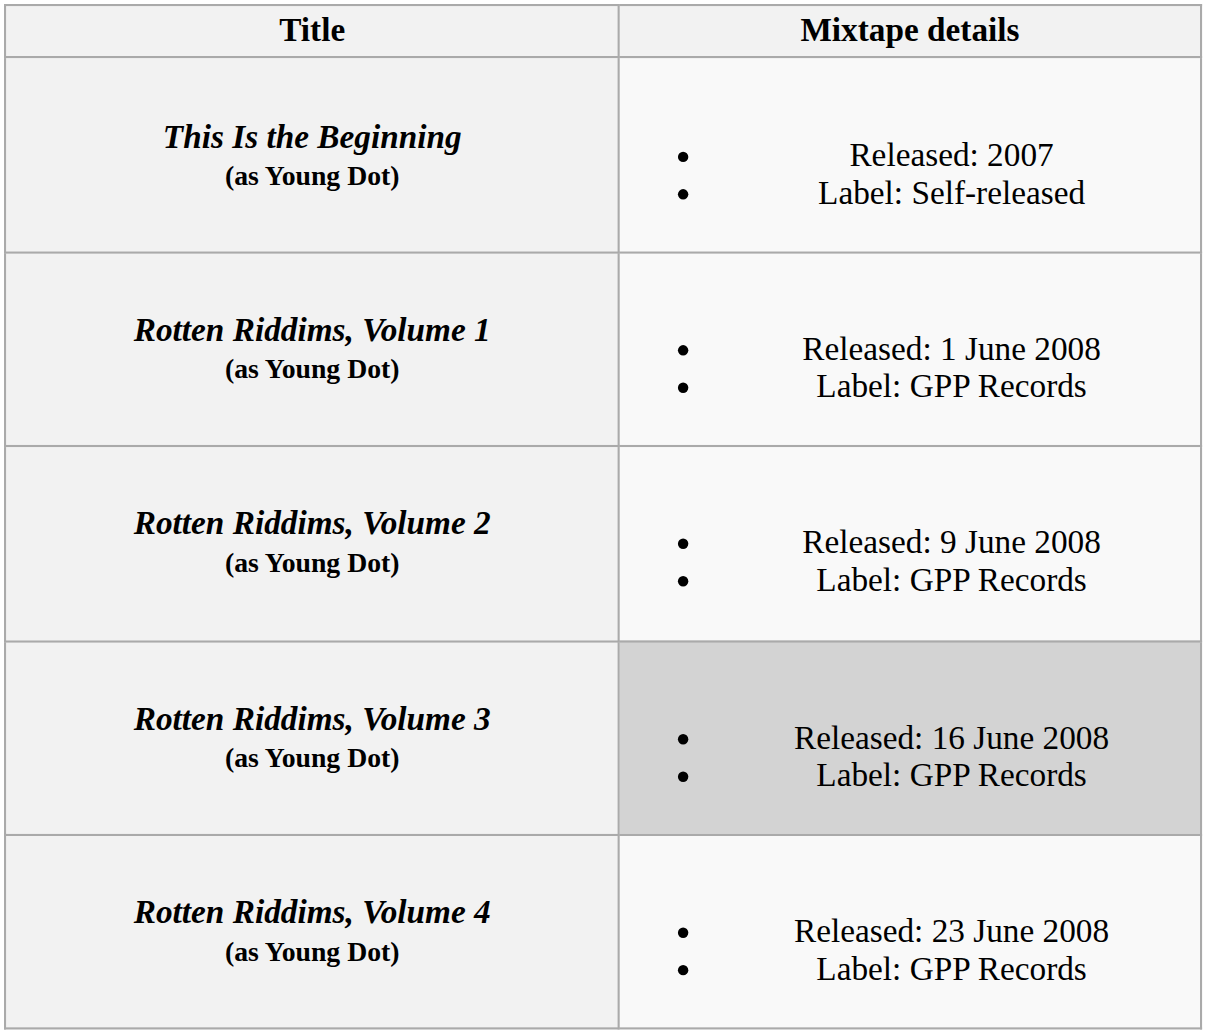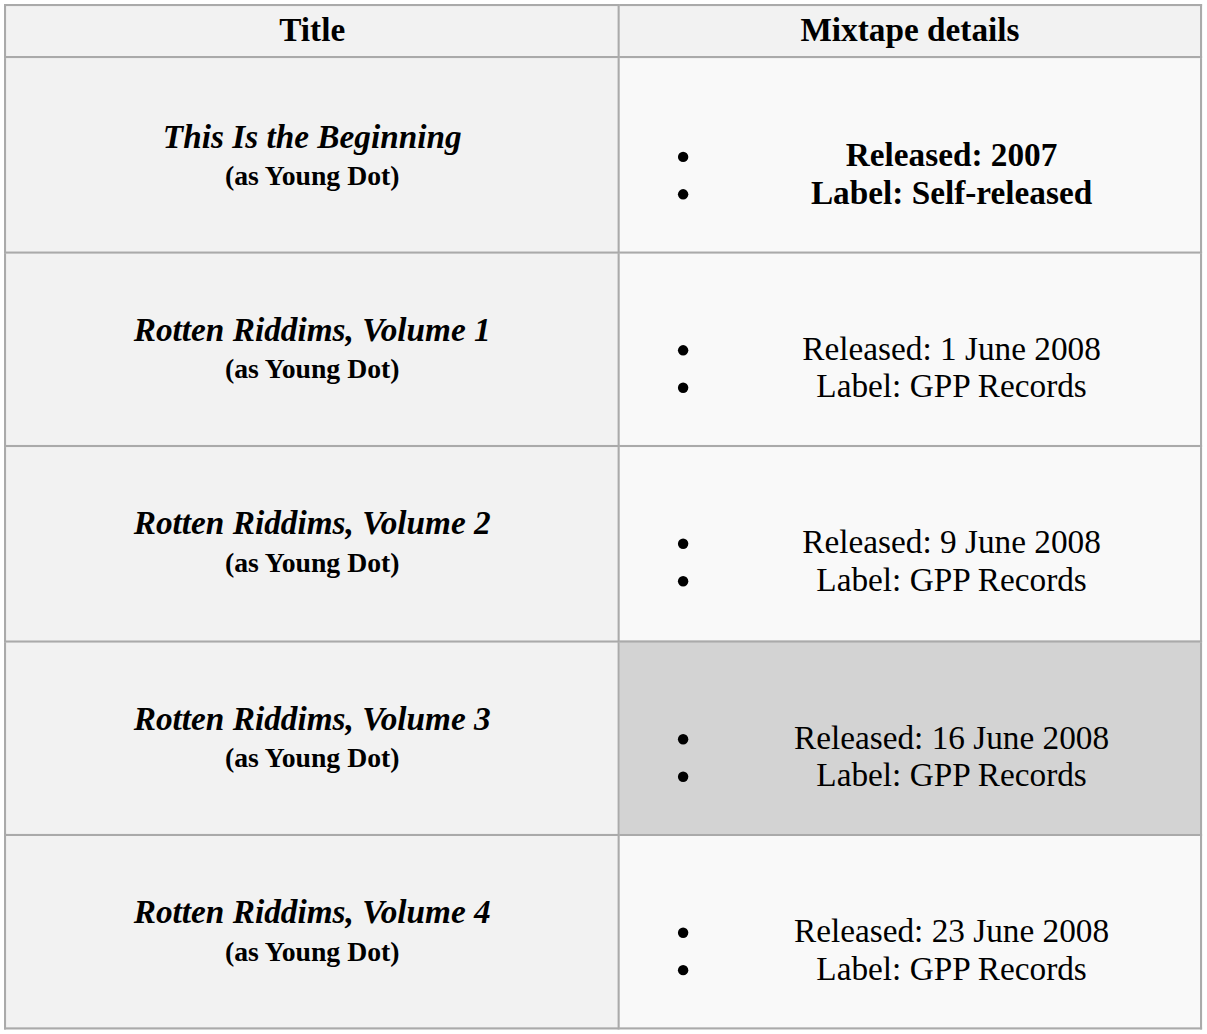 <table class="wikitable" style="text-align:center;">
 <tr>
 <th scope="col" style="width:18em;">Title</th>
 <th scope="col" style="width:17em;">Mixtape details</th>
 </tr>
 <tr>
 <th scope="row"><strong><em>This Is the Beginning</em></strong><br><small>(as Young Dot)</small></th>
-<td><br><ul><li>Released: 2007</li><li>Label: Self-released</li></ul></td>
+<td><strong><br><ul><li>Released: 2007</li><li>Label: Self-released</li></ul></strong></td>
 </tr>
 <tr>
 <th scope="row"><strong><em>Rotten Riddims, Volume 1</em></strong><br><small>(as Young Dot)</small></th>
 <td><br><ul><li>Released: 1 June 2008</li><li>Label: GPP Records</li></ul></td>
 </tr>
 <tr>
 <th scope="row"><strong><em>Rotten Riddims, Volume 2</em></strong><br><small>(as Young Dot)</small></th>
 <td><br><ul><li>Released: 9 June 2008</li><li>Label: GPP Records</li></ul></td>
 </tr>
 <tr>
 <th scope="row"><strong><em>Rotten Riddims, Volume 3</em></strong><br><small>(as Young Dot)</small></th>
 <td style="background: lightgrey;"><br><ul><li>Released: 16 June 2008</li><li>Label: GPP Records</li></ul></td>
 </tr>
 <tr>
 <th scope="row"><strong><em>Rotten Riddims, Volume 4</em></strong><br><small>(as Young Dot)</small></th>
 <td><br><ul><li>Released: 23 June 2008</li><li>Label: GPP Records</li></ul></td>
 </tr>
 </table>
